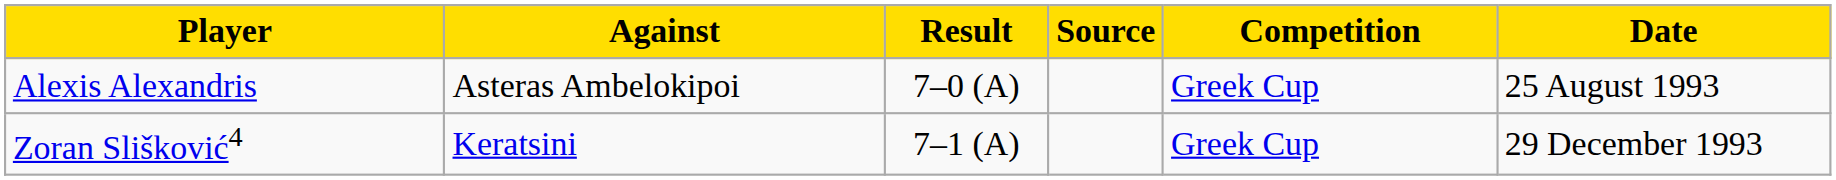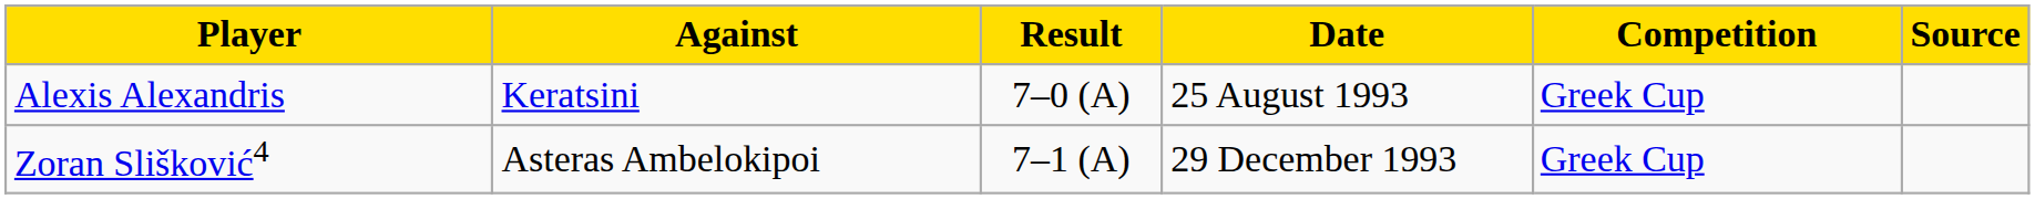 <table class="wikitable">
 <tr>
 <th width=200 style="background:#FFDE00">Player</th>
 <th width=200 style="background:#FFDE00">Against</th>
 <th width=70 style="background:#FFDE00">Result</th>
+<th width=150 style="background:#FFDE00">Date</th>
+<th width=150 style="background:#FFDE00">Competition</th>
 <th style="background:#FFDE00">Source</th>
-<th width=150 style="background:#FFDE00">Competition</th>
-<th width=150 style="background:#FFDE00">Date</th>
 </tr>
 <tr>
 <td> <a href='#'>Alexis Alexandris</a></td>
-<td> Asteras Ambelokipoi</td>
+<td> <a href='#'>Keratsini</a></td>
 <td align=center>7–0 (A)</td>
+<td>25 August 1993</td>
+<td><a href='#'>Greek Cup</a></td>
 <td align=center></td>
-<td><a href='#'>Greek Cup</a></td>
-<td>25 August 1993</td>
 </tr>
 <tr>
 <td> <a href='#'>Zoran Slišković</a><sup>4</sup></td>
-<td> <a href='#'>Keratsini</a></td>
+<td> Asteras Ambelokipoi</td>
 <td align=center>7–1 (A)</td>
+<td>29 December 1993</td>
+<td><a href='#'>Greek Cup</a></td>
 <td align=center></td>
-<td><a href='#'>Greek Cup</a></td>
-<td>29 December 1993</td>
 </tr>
 </table>
